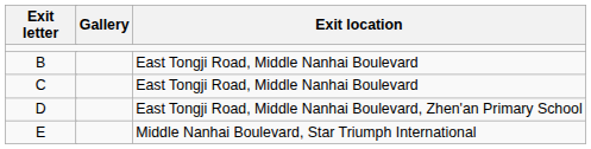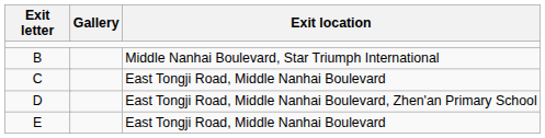 <table class="wikitable">
 <tr>
 <th colspan=2 style="width:70px">Exit letter</th>
 <th>Gallery</th>
 <th>Exit location</th>
 </tr>
 <tr style="background:#">
 <td colspan="4"></td>
 </tr>
 <tr>
 <td colspan=2 align=center>B</td>
 <td></td>
-<td>East Tongji Road, Middle Nanhai Boulevard</td>
+<td>Middle Nanhai Boulevard, Star Triumph International</td>
 </tr>
 <tr>
 <td colspan=2 align=center>C</td>
 <td></td>
 <td>East Tongji Road, Middle Nanhai Boulevard</td>
 </tr>
 <tr>
 <td colspan=2 align=center>D</td>
 <td></td>
 <td>East Tongji Road, Middle Nanhai Boulevard, Zhen'an Primary School</td>
 </tr>
 <tr>
 <td colspan=2 align=center>E</td>
 <td></td>
-<td>Middle Nanhai Boulevard, Star Triumph International</td>
+<td>East Tongji Road, Middle Nanhai Boulevard</td>
 </tr>
 </table>
